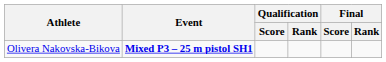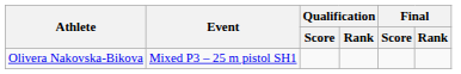 <table class=wikitable style="font-size:90%">
 <tr>
 <th rowspan="2">Athlete</th>
 <th rowspan="2">Event</th>
 <th colspan="2">Qualification</th>
 <th colspan="2">Final</th>
 </tr>
 <tr>
 <th>Score</th>
 <th>Rank</th>
 <th>Score</th>
 <th>Rank</th>
 </tr>
 <tr align=center>
 <td align=left><a href='#'>Olivera Nakovska-Bikova</a></td>
-<td align=left><strong><a href='#'>Mixed P3 – 25 m pistol SH1</a></strong></td>
+<td align=left><a href='#'>Mixed P3 – 25 m pistol SH1</a></td>
 <td></td>
 <td></td>
 <td></td>
 <td></td>
 </tr>
 </table>
